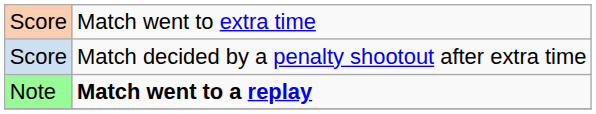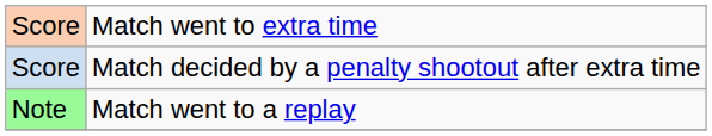 <table class="wikitable" border="1">
 <tr>
 <td style="background-color:#FBCEB1">Score</td>
 <td>Match went to <a href='#'>extra time</a></td>
 </tr>
 <tr>
 <td style="background-color:#cedff2">Score</td>
 <td>Match decided by a <a href='#'>penalty shootout</a> after extra time</td>
 </tr>
 <tr>
 <td style="background-color:#98FB98">Note</td>
-<td><strong>Match went to a <a href='#'>replay</a></strong></td>
+<td>Match went to a <a href='#'>replay</a></td>
 </tr>
 <tr>
 </tr>
 </table>
